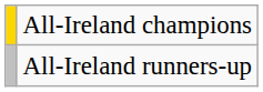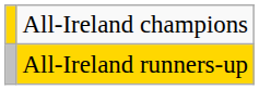 <table class="wikitable" style="text-align:center;">
 <tr>
 <td style="background:gold;"></td>
 <td>All-Ireland champions</td>
 </tr>
 <tr>
 <td style="background:silver;"></td>
-<td>All-Ireland runners-up</td>
+<td style="background: gold;">All-Ireland runners-up</td>
 </tr>
 </table>
